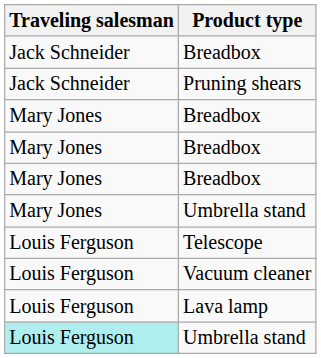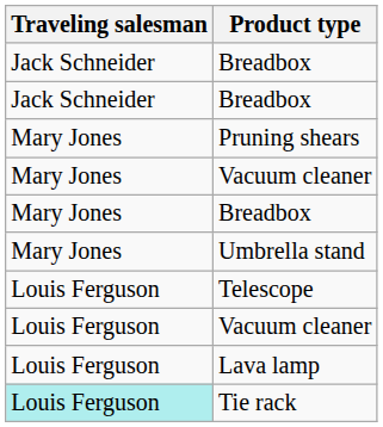 <table class="wikitable" style="float:left;">
 <tr>
 <th>Traveling salesman</th>
 <th>Product type</th>
 </tr>
 <tr>
 <td>Jack Schneider</td>
 <td>Breadbox</td>
 </tr>
 <tr>
 <td>Jack Schneider</td>
+<td>Breadbox</td>
+</tr>
+<tr>
+<td>Mary Jones</td>
 <td>Pruning shears</td>
 </tr>
 <tr>
 <td>Mary Jones</td>
-<td>Breadbox</td>
-</tr>
-<tr>
-<td>Mary Jones</td>
-<td>Breadbox</td>
+<td>Vacuum cleaner</td>
 </tr>
 <tr>
 <td>Mary Jones</td>
 <td>Breadbox</td>
 </tr>
 <tr>
 <td>Mary Jones</td>
 <td>Umbrella stand</td>
 </tr>
 <tr>
 <td>Louis Ferguson</td>
 <td>Telescope</td>
 </tr>
 <tr>
 <td>Louis Ferguson</td>
 <td>Vacuum cleaner</td>
 </tr>
 <tr>
 <td>Louis Ferguson</td>
 <td>Lava lamp</td>
 </tr>
 <tr>
 <td style="background: paleturquoise;">Louis Ferguson</td>
-<td>Umbrella stand</td>
+<td>Tie rack</td>
 </tr>
 </table>
